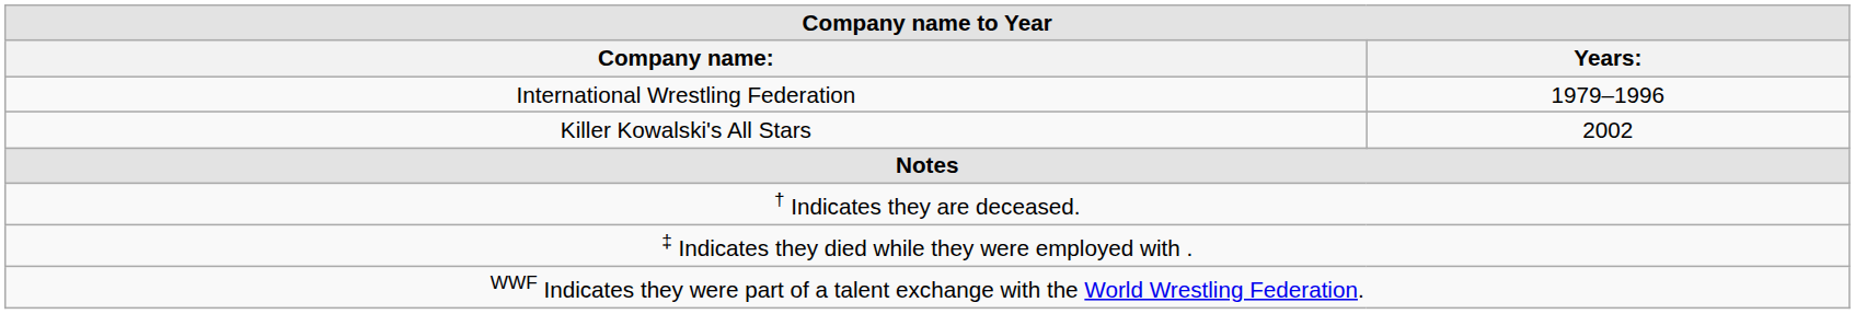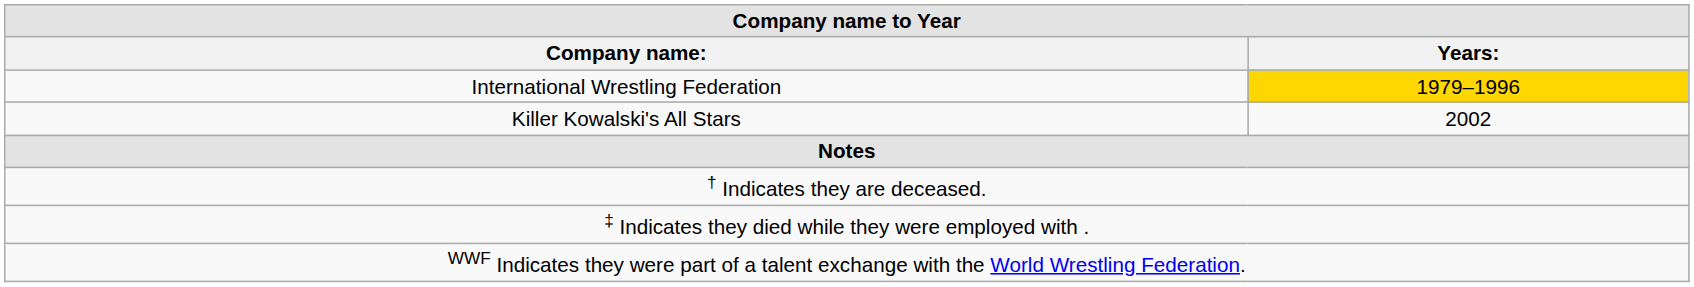 <table class="wikitable" width="70%" style="font-size:85%; text-align:center;">
 <tr>
 <th style="background: #e3e3e3;" colspan="2">Company name to Year</th>
 </tr>
 <tr>
 <th>Company name:</th>
 <th>Years:</th>
 </tr>
 <tr>
 <td>International Wrestling Federation</td>
-<td>1979–1996</td>
+<td style="background: gold;">1979–1996</td>
 </tr>
 <tr>
 <td>Killer Kowalski's All Stars</td>
 <td>2002</td>
 </tr>
 <tr>
 <th style="background: #e3e3e3;" colspan="2">Notes</th>
 </tr>
 <tr>
 <td colspan="2"><sup>†</sup> Indicates they are deceased.</td>
 </tr>
 <tr>
 <td colspan="2"><sup>‡</sup> Indicates they died while they were employed with .</td>
 </tr>
 <tr>
 <td colspan="2"><sup>WWF</sup> Indicates they were part of a talent exchange with the <a href='#'>World Wrestling Federation</a>.</td>
 </tr>
 </table>
